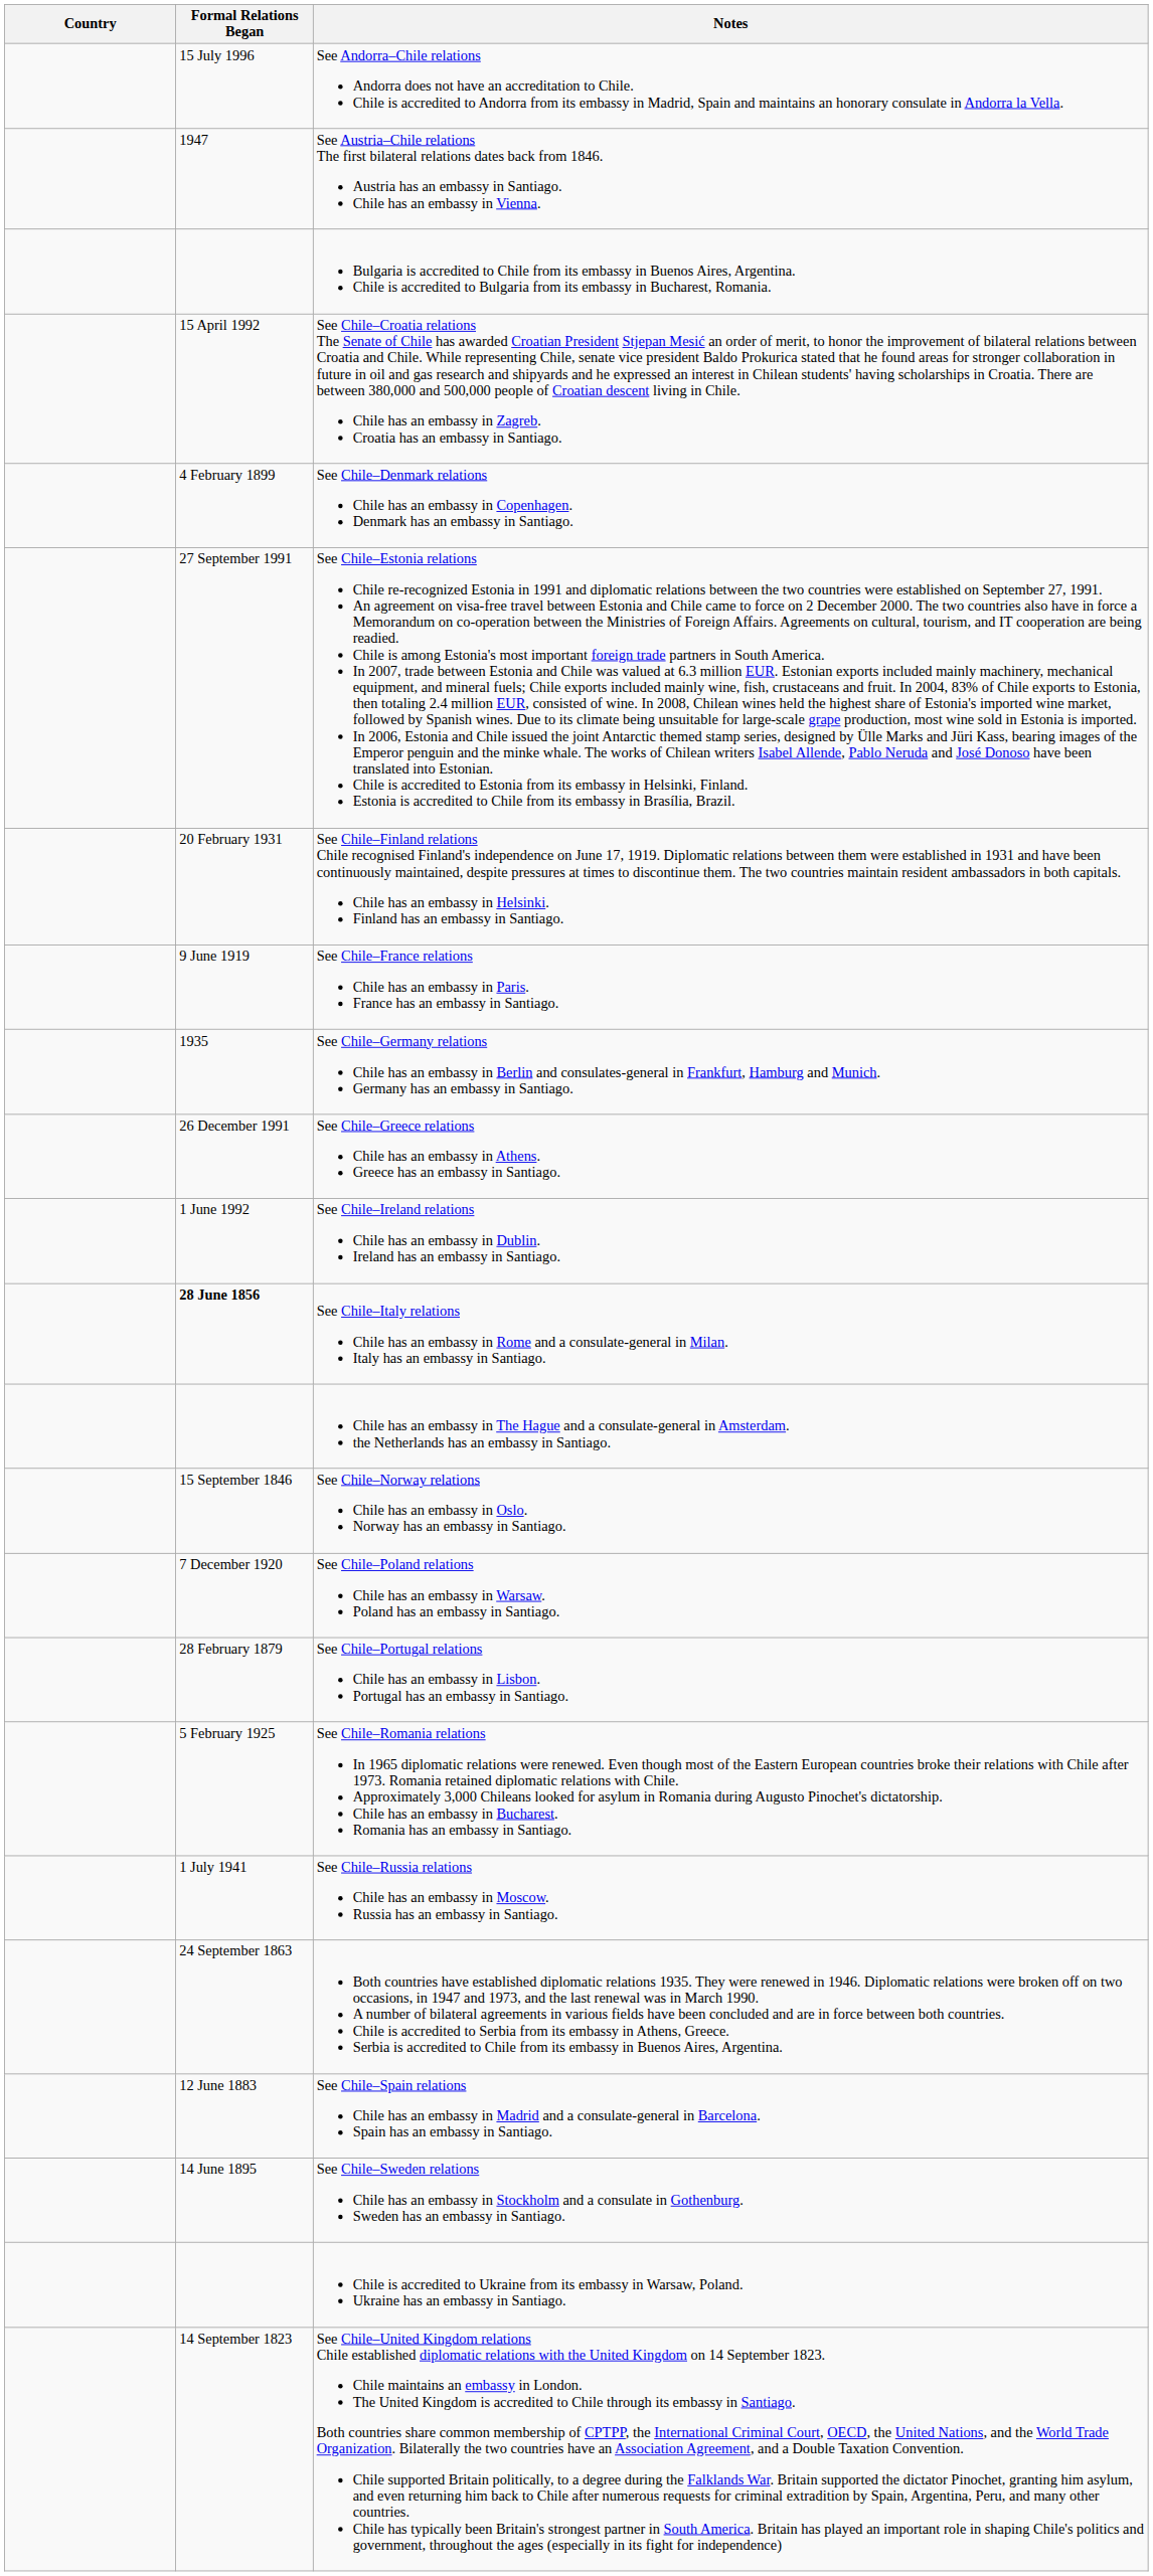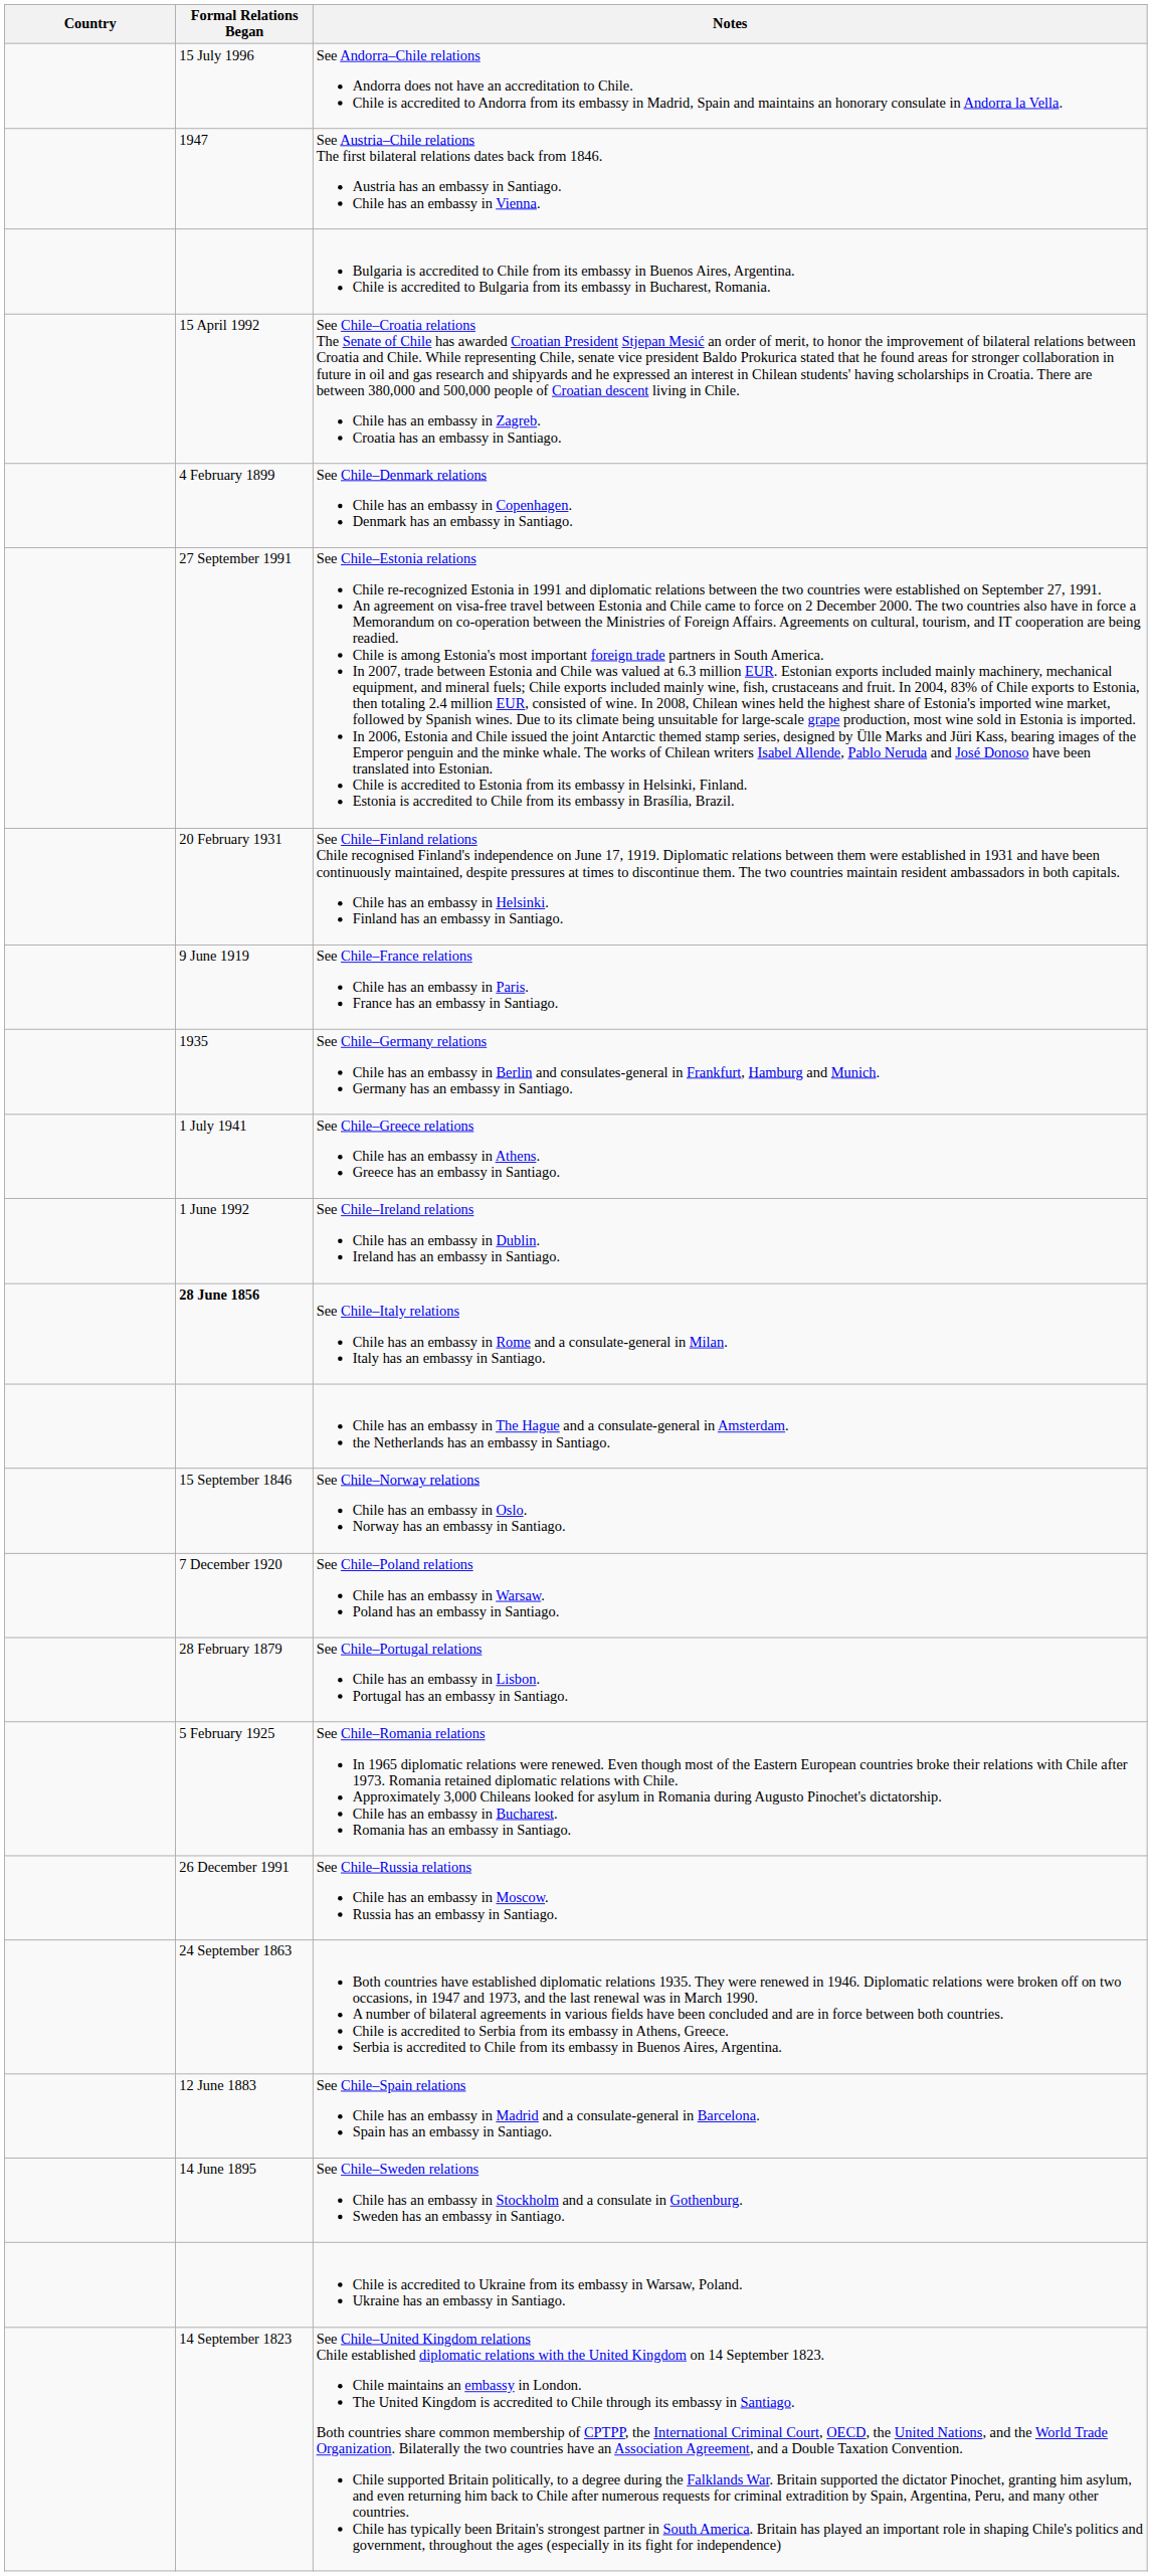 <table class="wikitable sortable" style="width:100%; margin:auto;">
 <tr>
 <th style="width:15%;">Country</th>
 <th style="width:12%;">Formal Relations Began</th>
 <th>Notes</th>
 </tr>
 <tr valign="top">
 <td></td>
 <td>15 July 1996</td>
 <td>See <a href='#'>Andorra–Chile relations</a><br><ul><li>Andorra does not have an accreditation to Chile.</li><li>Chile is accredited to Andorra from its embassy in Madrid, Spain and maintains an honorary consulate in <a href='#'>Andorra la Vella</a>.</li></ul></td>
 </tr>
 <tr valign="top">
 <td></td>
 <td>1947</td>
 <td>See <a href='#'>Austria–Chile relations</a><br>The first bilateral relations dates back from 1846.<ul><li>Austria has an embassy in Santiago.</li><li>Chile has an embassy in <a href='#'>Vienna</a>.</li></ul></td>
 </tr>
 <tr valign="top">
 <td></td>
 <td></td>
 <td><br><ul><li>Bulgaria is accredited to Chile from its embassy in Buenos Aires, Argentina.</li><li>Chile is accredited to Bulgaria from its embassy in Bucharest, Romania.</li></ul></td>
 </tr>
 <tr valign="top">
 <td></td>
 <td> 15 April 1992</td>
 <td>See <a href='#'>Chile–Croatia relations</a><br>The <a href='#'>Senate of Chile</a> has awarded <a href='#'>Croatian President</a> <a href='#'>Stjepan Mesić</a> an order of merit, to honor the improvement of bilateral relations between Croatia and Chile. While representing Chile, senate vice president Baldo Prokurica stated that he found areas for stronger collaboration in future in oil and gas research and shipyards and he expressed an interest in Chilean students' having scholarships in Croatia. There are between 380,000 and 500,000 people of <a href='#'>Croatian descent</a> living in Chile. <ul><li>Chile has an embassy in <a href='#'>Zagreb</a>.</li><li>Croatia has an embassy in Santiago.</li></ul></td>
 </tr>
 <tr valign="top">
 <td></td>
 <td>4 February 1899</td>
 <td>See <a href='#'>Chile–Denmark relations</a><br><ul><li>Chile has an embassy in <a href='#'>Copenhagen</a>.</li><li>Denmark has an embassy in Santiago.</li></ul></td>
 </tr>
 <tr valign="top">
 <td></td>
 <td>27 September 1991</td>
 <td>See <a href='#'>Chile–Estonia relations</a><br><ul><li>Chile re-recognized Estonia in 1991 and diplomatic relations between the two countries were established on September 27, 1991.</li><li>An agreement on visa-free travel between Estonia and Chile came to force on 2 December 2000. The two countries also have in force a Memorandum on co-operation between the Ministries of Foreign Affairs. Agreements on cultural, tourism, and IT cooperation are being readied.</li><li>Chile is among Estonia's most important <a href='#'>foreign trade</a> partners in South America.</li><li>In 2007, trade between Estonia and Chile was valued at 6.3 million <a href='#'>EUR</a>.  Estonian exports included mainly machinery, mechanical equipment, and mineral fuels; Chile exports included mainly wine, fish, crustaceans and fruit. In 2004, 83% of Chile exports to Estonia, then totaling 2.4 million <a href='#'>EUR</a>, consisted of wine. In 2008, Chilean wines held the highest share of Estonia's imported wine market, followed by Spanish wines. Due to its climate being unsuitable for large-scale <a href='#'>grape</a> production, most wine sold in Estonia is imported.</li><li>In 2006, Estonia and Chile issued the joint Antarctic themed stamp series, designed by Ülle Marks and Jüri Kass, bearing images of the Emperor penguin and the minke whale. The works of Chilean writers <a href='#'>Isabel Allende</a>, <a href='#'>Pablo Neruda</a> and <a href='#'>José Donoso</a> have been translated into Estonian.</li><li>Chile is accredited to Estonia from its embassy in Helsinki, Finland.</li><li>Estonia is accredited to Chile from its embassy in Brasília, Brazil.</li></ul></td>
 </tr>
 <tr valign="top">
 <td></td>
 <td>20 February 1931</td>
 <td>See <a href='#'>Chile–Finland relations</a><br>Chile recognised Finland's independence on June 17, 1919. Diplomatic relations between them were established in 1931 and have been continuously maintained, despite pressures at times to discontinue them. The two countries maintain resident ambassadors in both capitals.<ul><li>Chile has an embassy in <a href='#'>Helsinki</a>.</li><li>Finland has an embassy in Santiago.</li></ul></td>
 </tr>
 <tr valign="top">
 <td></td>
 <td>9 June 1919</td>
 <td>See <a href='#'>Chile–France relations</a><br><ul><li>Chile has an embassy in <a href='#'>Paris</a>.</li><li>France has an embassy in Santiago.</li></ul></td>
 </tr>
 <tr valign="top">
 <td></td>
 <td>1935</td>
 <td>See <a href='#'>Chile–Germany relations</a><br><ul><li>Chile has an embassy in <a href='#'>Berlin</a> and consulates-general in <a href='#'>Frankfurt</a>, <a href='#'>Hamburg</a> and <a href='#'>Munich</a>.</li><li>Germany has an embassy in Santiago.</li></ul></td>
 </tr>
 <tr valign="top">
 <td></td>
-<td>26 December 1991</td>
+<td>1 July 1941</td>
 <td>See <a href='#'>Chile–Greece relations</a><br><ul><li>Chile has an embassy in <a href='#'>Athens</a>.</li><li>Greece has an embassy in Santiago.</li></ul></td>
 </tr>
 <tr valign="top">
 <td></td>
 <td>1 June 1992</td>
 <td>See <a href='#'>Chile–Ireland relations</a><br><ul><li>Chile has an embassy in <a href='#'>Dublin</a>.</li><li>Ireland has an embassy in Santiago.</li></ul></td>
 </tr>
 <tr valign="top">
 <td></td>
 <td><strong>28 June 1856</strong></td>
 <td><br>See <a href='#'>Chile–Italy relations</a><ul><li>Chile has an embassy in <a href='#'>Rome</a> and a consulate-general in <a href='#'>Milan</a>.</li><li>Italy has an embassy in Santiago.</li></ul></td>
 </tr>
 <tr valign="top">
 <td></td>
 <td></td>
 <td><br><ul><li>Chile has an embassy in <a href='#'>The Hague</a> and a consulate-general in <a href='#'>Amsterdam</a>.</li><li>the Netherlands has an embassy in Santiago.</li></ul></td>
 </tr>
 <tr valign="top">
 <td></td>
 <td>15 September 1846</td>
 <td>See <a href='#'>Chile–Norway relations</a><br><ul><li>Chile has an embassy in <a href='#'>Oslo</a>.</li><li>Norway has an embassy in Santiago.</li></ul></td>
 </tr>
 <tr valign="top">
 <td></td>
 <td>7 December 1920</td>
 <td>See <a href='#'>Chile–Poland relations</a><br><ul><li>Chile has an embassy in <a href='#'>Warsaw</a>.</li><li>Poland has an embassy in Santiago.</li></ul></td>
 </tr>
 <tr valign="top">
 <td></td>
 <td>28 February 1879</td>
 <td>See <a href='#'>Chile–Portugal relations</a><br><ul><li>Chile has an embassy in <a href='#'>Lisbon</a>.</li><li>Portugal has an embassy in Santiago.</li></ul></td>
 </tr>
 <tr valign="top">
 <td></td>
 <td> 5 February 1925</td>
 <td>See <a href='#'>Chile–Romania relations</a><br><ul><li>In 1965 diplomatic relations were renewed. Even though most of the Eastern European countries broke their relations with Chile after 1973. Romania retained diplomatic relations with Chile.</li><li>Approximately 3,000 Chileans looked for asylum in Romania during Augusto Pinochet's dictatorship.</li><li>Chile has an embassy in <a href='#'>Bucharest</a>.</li><li>Romania has an embassy in Santiago.</li></ul></td>
 </tr>
 <tr valign="top">
 <td></td>
-<td>1 July 1941</td>
+<td>26 December 1991</td>
 <td>See <a href='#'>Chile–Russia relations</a><br><ul><li>Chile has an embassy in <a href='#'>Moscow</a>.</li><li>Russia has an embassy in Santiago.</li></ul></td>
 </tr>
 <tr valign="top">
 <td></td>
 <td>24 September 1863</td>
 <td><br><ul><li>Both countries have established diplomatic relations 1935. They were renewed in 1946. Diplomatic relations were broken off on two occasions, in 1947 and 1973, and the last renewal was in March 1990.</li><li>A number of bilateral agreements in various fields have been concluded and are in force between both countries.</li><li>Chile is accredited to Serbia from its embassy in Athens, Greece.</li><li>Serbia is accredited to Chile from its embassy in Buenos Aires, Argentina.</li></ul></td>
 </tr>
 <tr valign="top">
 <td></td>
 <td>12 June 1883</td>
 <td>See <a href='#'>Chile–Spain relations</a><br><ul><li>Chile has an embassy in <a href='#'>Madrid</a> and a consulate-general in <a href='#'>Barcelona</a>.</li><li>Spain has an embassy in Santiago.</li></ul></td>
 </tr>
 <tr valign="top">
 <td></td>
 <td>14 June 1895</td>
 <td>See <a href='#'>Chile–Sweden relations</a><br><ul><li>Chile has an embassy in <a href='#'>Stockholm</a> and a consulate in <a href='#'>Gothenburg</a>.</li><li>Sweden has an embassy in Santiago.</li></ul></td>
 </tr>
 <tr valign="top">
 <td></td>
 <td></td>
 <td><br><ul><li>Chile is accredited to Ukraine from its embassy in Warsaw, Poland.</li><li>Ukraine has an embassy in Santiago.</li></ul></td>
 </tr>
 <tr valign="top">
 <td></td>
 <td>14 September 1823</td>
 <td>See <a href='#'>Chile–United Kingdom relations</a><br>Chile established <a href='#'>diplomatic relations with the United Kingdom</a> on 14 September 1823.<ul><li>Chile maintains an <a href='#'>embassy</a> in London.</li><li>The United Kingdom is accredited to Chile through its embassy in <a href='#'>Santiago</a>.</li></ul>Both countries share common membership of <a href='#'>CPTPP</a>, the <a href='#'>International Criminal Court</a>, <a href='#'>OECD</a>, the <a href='#'>United Nations</a>, and the <a href='#'>World Trade Organization</a>. Bilaterally the two countries have an <a href='#'>Association Agreement</a>, and a Double Taxation Convention.<ul><li>Chile supported Britain politically, to a degree during the <a href='#'>Falklands War</a>. Britain supported the dictator Pinochet, granting him asylum, and even returning him back to Chile after numerous requests for criminal extradition by Spain, Argentina, Peru, and many other countries.</li><li>Chile has typically been Britain's strongest partner in <a href='#'>South America</a>. Britain has played an important role in shaping Chile's politics and government, throughout the ages (especially in its fight for independence)</li></ul></td>
 </tr>
 </table>
